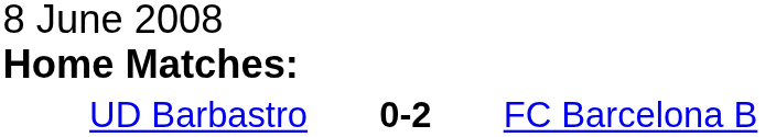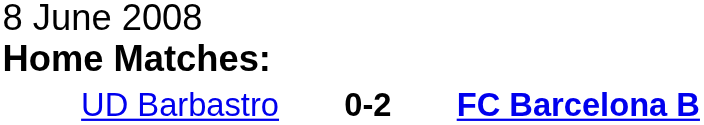 <table width=100% cellspacing=1>
 <tr>
 <th width=20%></th>
 <th width=12%></th>
 <th width=20%></th>
 <th></th>
 </tr>
 <tr>
 <td>8 June 2008<br><strong>Home Matches:</strong></td>
 </tr>
 <tr style=font-size:90%>
 <td align=right><a href='#'>UD Barbastro</a></td>
 <td align=center><strong>0-2</strong></td>
-<td><a href='#'>FC Barcelona B</a></td>
+<td><strong><a href='#'>FC Barcelona B</a></strong></td>
 </tr>
 </table>
